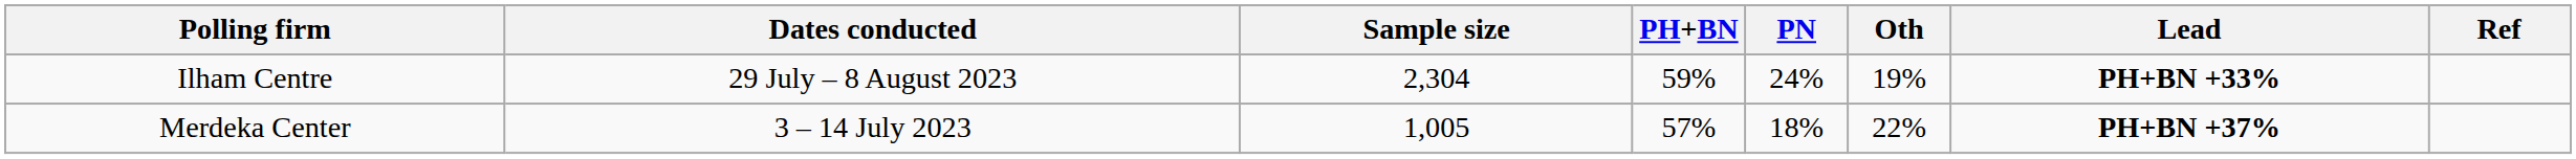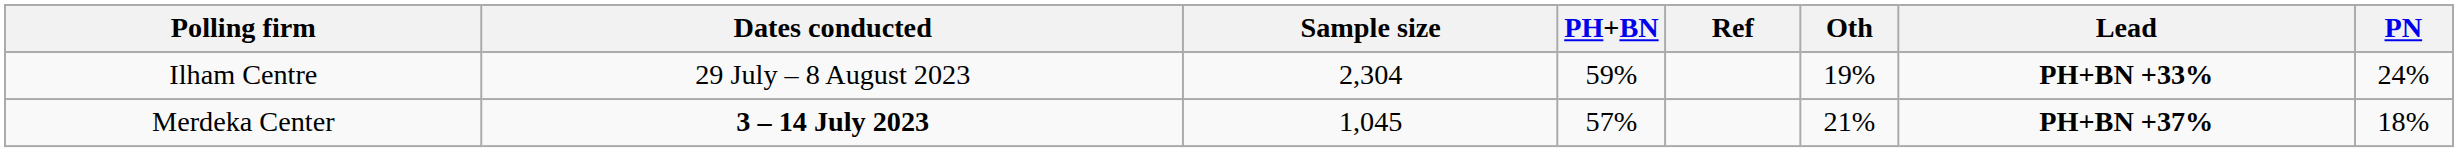 <table class="wikitable unsortable" style="text-align:center;font-size:90%;line-height:1.2">
 <tr>
 <th>Polling firm</th>
 <th>Dates conducted</th>
 <th>Sample size</th>
 <th style="width:4%; "><a href='#'>PH</a>+<a href='#'>BN</a></th>
-<th style="width:4%; "><a href='#'>PN</a></th>
+<th>Ref</th>
 <th style="width:4%; ">Oth</th>
 <th>Lead</th>
-<th>Ref</th>
+<th style="width:4%; "><a href='#'>PN</a></th>
 </tr>
 <tr>
 <td>Ilham Centre</td>
 <td>29 July – 8 August 2023</td>
 <td>2,304</td>
 <td>59%</td>
-<td>24%</td>
+<td></td>
 <td>19%</td>
 <td><strong>PH+BN +33%</strong></td>
-<td></td>
+<td>24%</td>
 </tr>
 <tr>
 <td>Merdeka Center</td>
-<td>3 – 14 July 2023</td>
-<td>1,005</td>
+<td><strong>3 – 14 July 2023</strong></td>
+<td>1,045</td>
 <td>57%</td>
+<td></td>
+<td>21%</td>
+<td><strong>PH+BN +37%</strong></td>
 <td>18%</td>
-<td>22%</td>
-<td><strong>PH+BN +37%</strong></td>
-<td></td>
 </tr>
 </table>
